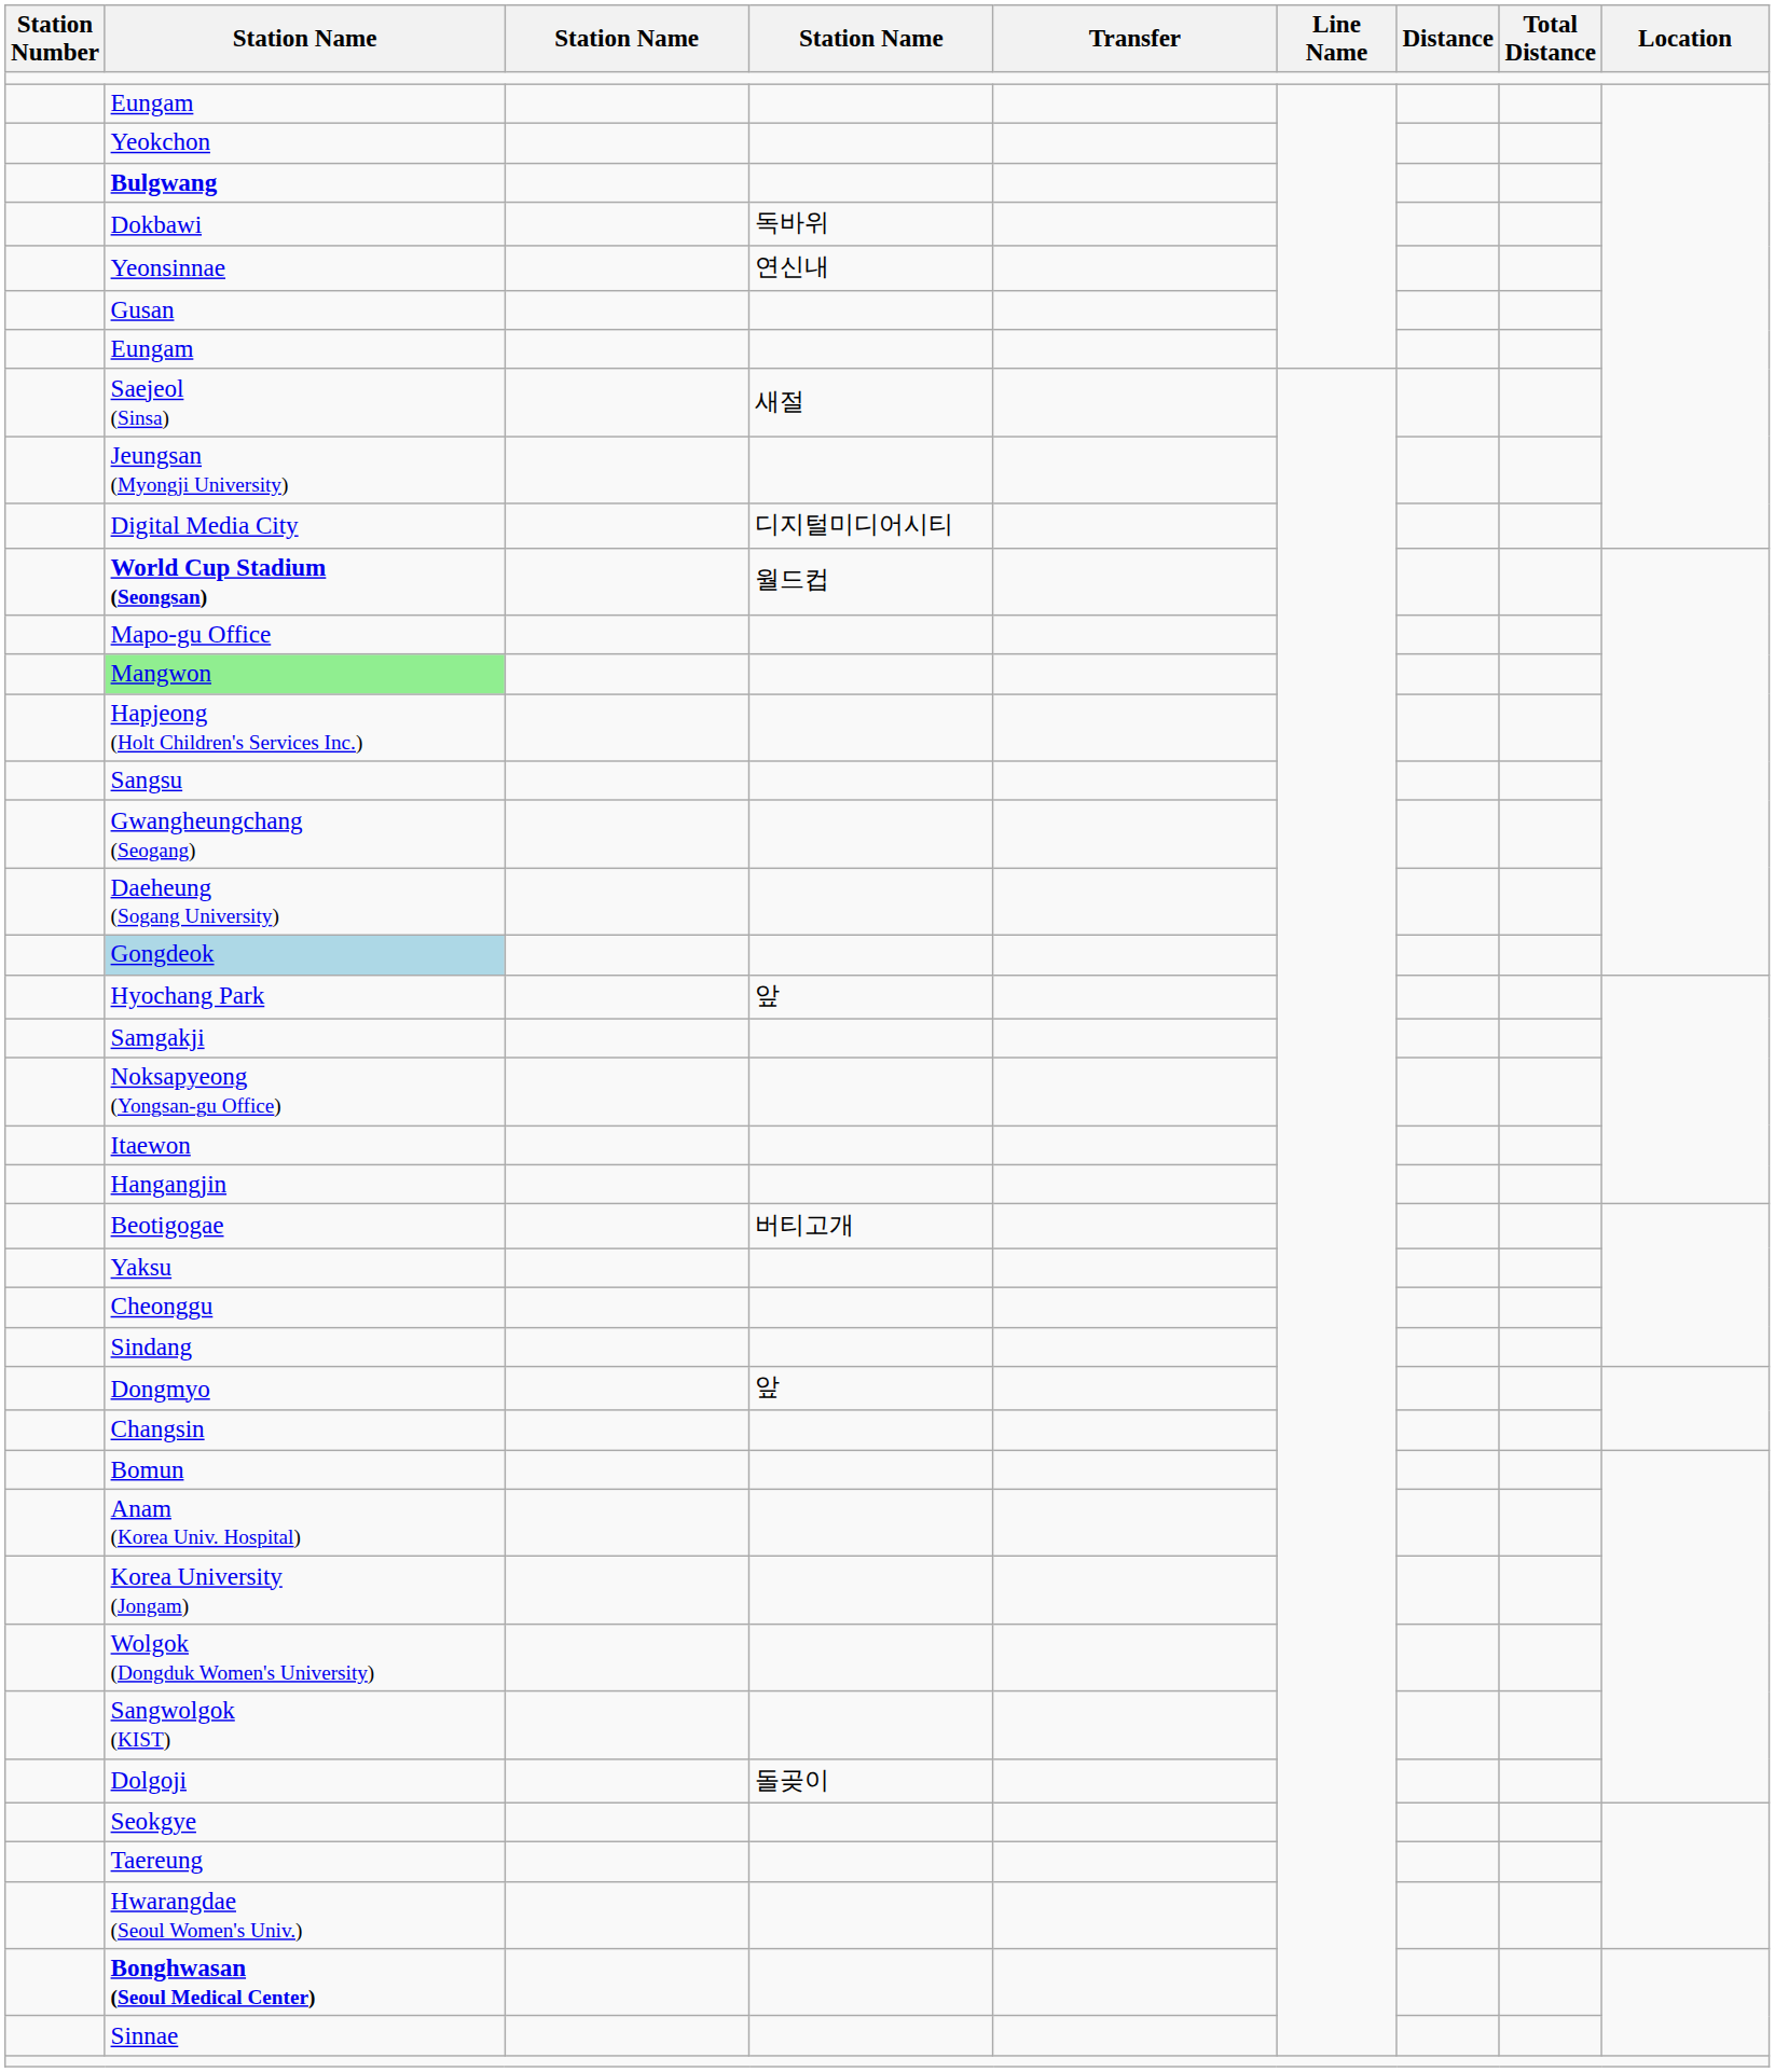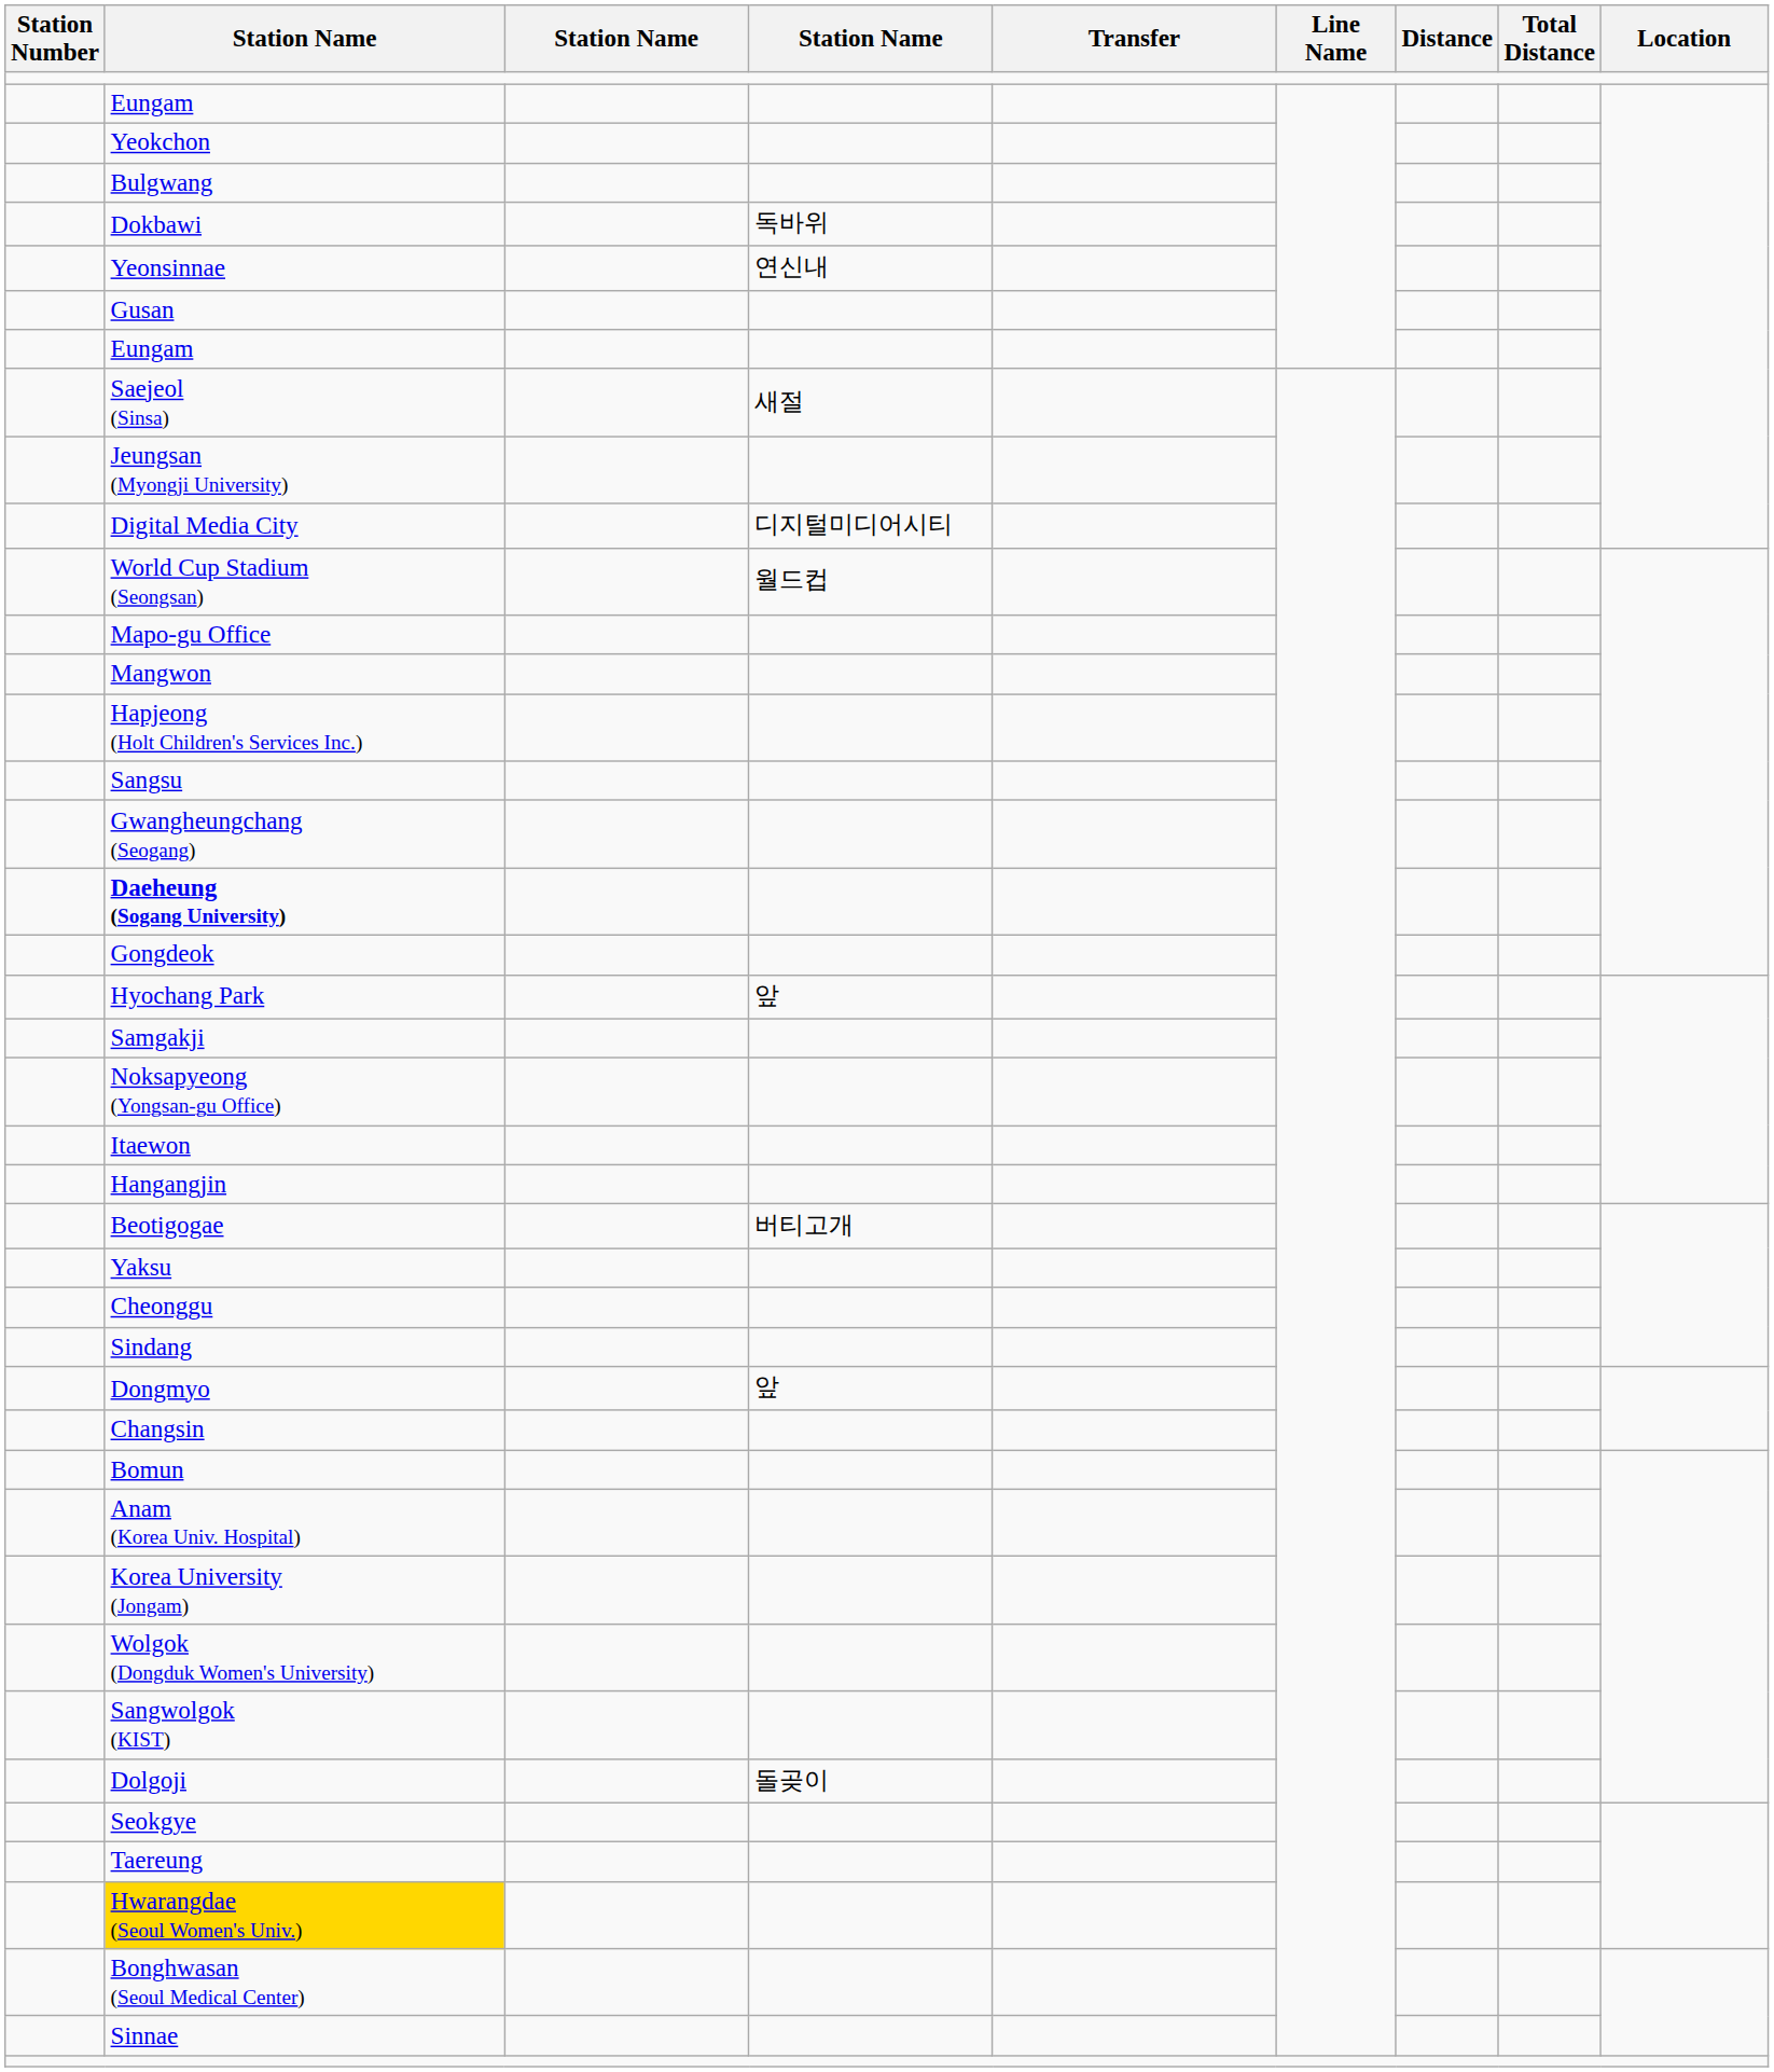 <table class="wikitable">
 <tr>
 <th>Station<br>Number</th>
 <th width="250pt">Station Name<br></th>
 <th width="150pt">Station Name<br></th>
 <th width="150pt">Station Name<br></th>
 <th width="175pt">Transfer</th>
 <th>Line Name</th>
 <th>Distance<br></th>
 <th>Total<br>Distance</th>
 <th>Location</th>
 </tr>
 <tr style="background:#">
 <td colspan="10"></td>
 </tr>
 <tr>
 <td></td>
 <td><a href='#'>Eungam</a></td>
 <td></td>
 <td></td>
 <td></td>
 <td rowspan="7" width="70pt"></td>
 <td></td>
 <td></td>
 <td rowspan="10" width="100pt"></td>
 </tr>
 <tr>
 <td></td>
 <td><a href='#'>Yeokchon</a></td>
 <td></td>
 <td></td>
 <td></td>
 <td></td>
 <td></td>
 </tr>
 <tr>
 <td></td>
-<td><strong><a href='#'>Bulgwang</a></strong></td>
+<td><a href='#'>Bulgwang</a></td>
 <td></td>
 <td></td>
 <td></td>
 <td></td>
 <td></td>
 </tr>
 <tr>
 <td></td>
 <td><a href='#'>Dokbawi</a></td>
 <td></td>
 <td>독바위</td>
 <td></td>
 <td></td>
 <td></td>
 </tr>
 <tr>
 <td></td>
 <td><a href='#'>Yeonsinnae</a></td>
 <td></td>
 <td>연신내</td>
 <td></td>
 <td></td>
 <td></td>
 </tr>
 <tr>
 <td></td>
 <td><a href='#'>Gusan</a></td>
 <td></td>
 <td></td>
 <td></td>
 <td></td>
 <td></td>
 </tr>
 <tr>
 <td></td>
 <td><a href='#'>Eungam</a></td>
 <td></td>
 <td></td>
 <td></td>
 <td></td>
 <td></td>
 </tr>
 <tr>
 <td></td>
 <td><a href='#'>Saejeol</a> <br><small>(<a href='#'>Sinsa</a>)</small></td>
 <td></td>
 <td>새절</td>
 <td></td>
 <td rowspan="33"></td>
 <td></td>
 <td></td>
 </tr>
 <tr>
 <td></td>
 <td><a href='#'>Jeungsan</a> <br><small>(<a href='#'>Myongji University</a>)</small></td>
 <td></td>
 <td></td>
 <td></td>
 <td></td>
 <td></td>
 </tr>
 <tr>
 <td></td>
 <td><a href='#'>Digital Media City</a></td>
 <td></td>
 <td>디지털미디어시티</td>
 <td> </td>
 <td></td>
 <td></td>
 </tr>
 <tr>
 <td></td>
-<td><strong><a href='#'>World Cup Stadium</a> <br><small>(<a href='#'>Seongsan</a>)</small></strong></td>
+<td><a href='#'>World Cup Stadium</a> <br><small>(<a href='#'>Seongsan</a>)</small></td>
 <td></td>
 <td>월드컵</td>
 <td></td>
 <td></td>
 <td></td>
 <td rowspan="8"></td>
 </tr>
 <tr>
 <td></td>
 <td><a href='#'>Mapo-gu Office</a></td>
 <td></td>
 <td></td>
 <td></td>
 <td></td>
 <td></td>
 </tr>
 <tr>
 <td></td>
-<td style="background: lightgreen;"><a href='#'>Mangwon</a></td>
+<td><a href='#'>Mangwon</a></td>
 <td></td>
 <td></td>
 <td></td>
 <td></td>
 <td></td>
 </tr>
 <tr>
 <td></td>
 <td><a href='#'>Hapjeong</a> <br><small>(<a href='#'>Holt Children's Services Inc.</a>)</small></td>
 <td></td>
 <td></td>
 <td></td>
 <td></td>
 <td></td>
 </tr>
 <tr>
 <td></td>
 <td><a href='#'>Sangsu</a></td>
 <td></td>
 <td></td>
 <td></td>
 <td></td>
 <td></td>
 </tr>
 <tr>
 <td></td>
 <td><a href='#'>Gwangheungchang</a> <br><small>(<a href='#'>Seogang</a>)</small></td>
 <td></td>
 <td></td>
 <td></td>
 <td></td>
 <td></td>
 </tr>
 <tr>
 <td></td>
-<td><a href='#'>Daeheung</a> <br><small>(<a href='#'>Sogang University</a>)</small></td>
+<td><strong><a href='#'>Daeheung</a> <br><small>(<a href='#'>Sogang University</a>)</small></strong></td>
 <td></td>
 <td></td>
 <td></td>
 <td></td>
 <td></td>
 </tr>
 <tr>
 <td></td>
-<td style="background: lightblue;"><a href='#'>Gongdeok</a></td>
+<td><a href='#'>Gongdeok</a></td>
 <td></td>
 <td></td>
 <td>  </td>
 <td></td>
 <td></td>
 </tr>
 <tr>
 <td></td>
 <td><a href='#'>Hyochang Park</a></td>
 <td></td>
 <td>앞</td>
 <td></td>
 <td></td>
 <td></td>
 <td rowspan="5"></td>
 </tr>
 <tr>
 <td></td>
 <td><a href='#'>Samgakji</a></td>
 <td></td>
 <td></td>
 <td></td>
 <td></td>
 <td></td>
 </tr>
 <tr>
 <td></td>
 <td><a href='#'>Noksapyeong</a> <br><small>(<a href='#'>Yongsan-gu Office</a>)</small></td>
 <td></td>
 <td></td>
 <td></td>
 <td></td>
 <td></td>
 </tr>
 <tr>
 <td></td>
 <td><a href='#'>Itaewon</a></td>
 <td></td>
 <td></td>
 <td></td>
 <td></td>
 <td></td>
 </tr>
 <tr>
 <td></td>
 <td><a href='#'>Hangangjin</a></td>
 <td></td>
 <td></td>
 <td></td>
 <td></td>
 <td></td>
 </tr>
 <tr>
 <td></td>
 <td><a href='#'>Beotigogae</a></td>
 <td></td>
 <td>버티고개</td>
 <td></td>
 <td></td>
 <td></td>
 <td rowspan="4"></td>
 </tr>
 <tr>
 <td></td>
 <td><a href='#'>Yaksu</a></td>
 <td></td>
 <td></td>
 <td></td>
 <td></td>
 <td></td>
 </tr>
 <tr>
 <td></td>
 <td><a href='#'>Cheonggu</a></td>
 <td></td>
 <td></td>
 <td></td>
 <td></td>
 <td></td>
 </tr>
 <tr>
 <td></td>
 <td><a href='#'>Sindang</a></td>
 <td></td>
 <td></td>
 <td></td>
 <td></td>
 <td></td>
 </tr>
 <tr>
 <td></td>
 <td><a href='#'>Dongmyo</a></td>
 <td></td>
 <td>앞</td>
 <td></td>
 <td></td>
 <td></td>
 <td rowspan="2"></td>
 </tr>
 <tr>
 <td></td>
 <td><a href='#'>Changsin</a></td>
 <td></td>
 <td></td>
 <td></td>
 <td></td>
 <td></td>
 </tr>
 <tr>
 <td></td>
 <td><a href='#'>Bomun</a></td>
 <td></td>
 <td></td>
 <td></td>
 <td></td>
 <td></td>
 <td rowspan="6"></td>
 </tr>
 <tr>
 <td></td>
 <td><a href='#'>Anam</a> <br><small>(<a href='#'>Korea Univ. Hospital</a>)</small></td>
 <td></td>
 <td></td>
 <td></td>
 <td></td>
 <td></td>
 </tr>
 <tr>
 <td></td>
 <td><a href='#'>Korea University</a> <br><small>(<a href='#'>Jongam</a>)</small></td>
 <td></td>
 <td></td>
 <td></td>
 <td></td>
 <td></td>
 </tr>
 <tr>
 <td></td>
 <td><a href='#'>Wolgok</a> <br><small>(<a href='#'>Dongduk Women's University</a>)</small></td>
 <td></td>
 <td></td>
 <td></td>
 <td></td>
 <td></td>
 </tr>
 <tr>
 <td></td>
 <td><a href='#'>Sangwolgok</a> <br><small>(<a href='#'>KIST</a>)</small></td>
 <td></td>
 <td></td>
 <td></td>
 <td></td>
 <td></td>
 </tr>
 <tr>
 <td></td>
 <td><a href='#'>Dolgoji</a></td>
 <td></td>
 <td>돌곶이</td>
 <td></td>
 <td></td>
 <td></td>
 </tr>
 <tr>
 <td></td>
 <td><a href='#'>Seokgye</a></td>
 <td></td>
 <td></td>
 <td></td>
 <td></td>
 <td></td>
 <td rowspan="3"></td>
 </tr>
 <tr>
 <td></td>
 <td><a href='#'>Taereung</a></td>
 <td></td>
 <td></td>
 <td></td>
 <td></td>
 <td></td>
 </tr>
 <tr>
 <td></td>
-<td><a href='#'>Hwarangdae</a> <br><small>(<a href='#'>Seoul Women's Univ.</a>)</small></td>
+<td style="background: gold;"><a href='#'>Hwarangdae</a> <br><small>(<a href='#'>Seoul Women's Univ.</a>)</small></td>
 <td></td>
 <td></td>
 <td></td>
 <td></td>
 <td></td>
 </tr>
 <tr>
 <td></td>
-<td><strong><a href='#'>Bonghwasan</a> <br><small>(<a href='#'>Seoul Medical Center</a>)</small></strong></td>
+<td><a href='#'>Bonghwasan</a> <br><small>(<a href='#'>Seoul Medical Center</a>)</small></td>
 <td></td>
 <td></td>
 <td></td>
 <td></td>
 <td></td>
 <td rowspan="2"></td>
 </tr>
 <tr>
 <td></td>
 <td><a href='#'>Sinnae</a></td>
 <td></td>
 <td></td>
 <td></td>
 <td></td>
 <td></td>
 </tr>
 <tr style="background:#">
 <td colspan="10"></td>
 </tr>
 </table>
